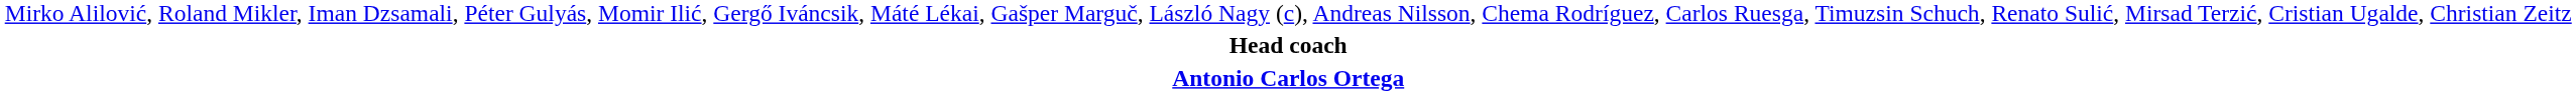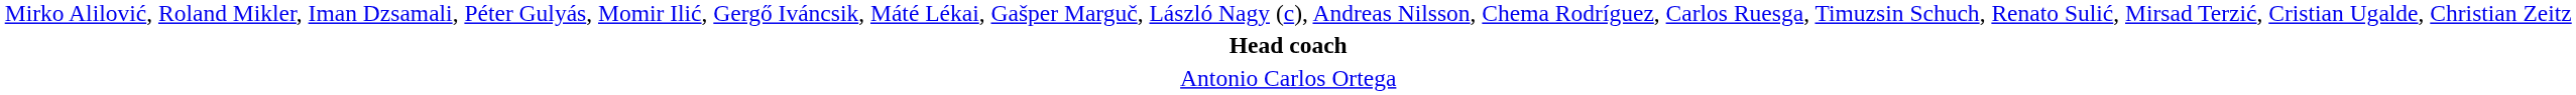 <table style="text-align: center; margin-top: 2em; margin-left: auto; margin-right: auto">
 <tr>
 <td><a href='#'>Mirko Alilović</a>, <a href='#'>Roland Mikler</a>, <a href='#'>Iman Dzsamali</a>, <a href='#'>Péter Gulyás</a>, <a href='#'>Momir Ilić</a>, <a href='#'>Gergő Iváncsik</a>, <a href='#'>Máté Lékai</a>, <a href='#'>Gašper Marguč</a>, <a href='#'>László Nagy</a> (<a href='#'>c</a>), <a href='#'>Andreas Nilsson</a>, <a href='#'>Chema Rodríguez</a>, <a href='#'>Carlos Ruesga</a>, <a href='#'>Timuzsin Schuch</a>, <a href='#'>Renato Sulić</a>, <a href='#'>Mirsad Terzić</a>, <a href='#'>Cristian Ugalde</a>, <a href='#'>Christian Zeitz</a></td>
 </tr>
 <tr>
 <td><strong>Head coach</strong></td>
 </tr>
 <tr>
-<td><strong><a href='#'>Antonio Carlos Ortega</a></strong></td>
+<td><a href='#'>Antonio Carlos Ortega</a></td>
 </tr>
 </table>
